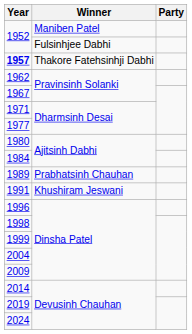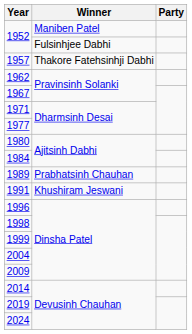 <table class="wikitable sortable">
 <tr>
 <th>Year</th>
 <th>Winner</th>
 <th colspan=2>Party</th>
 </tr>
 <tr>
 <td rowspan=2><a href='#'>1952</a></td>
 <td><a href='#'>Maniben Patel</a></td>
 <td></td>
 </tr>
 <tr>
 <td>Fulsinhjee Dabhi</td>
 </tr>
 <tr>
-<td><strong><a href='#'>1957</a></strong></td>
+<td><a href='#'>1957</a></td>
 <td>Thakore Fatehsinhji Dabhi</td>
 <td></td>
 </tr>
 <tr>
 <td><a href='#'>1962</a></td>
 <td rowspan="2"><a href='#'>Pravinsinh Solanki</a></td>
 <td></td>
 </tr>
 <tr>
 <td><a href='#'>1967</a></td>
 </tr>
 <tr>
 <td><a href='#'>1971</a></td>
 <td rowspan="2"><a href='#'>Dharmsinh Desai</a></td>
 </tr>
 <tr>
 <td><a href='#'>1977</a></td>
 </tr>
 <tr>
 <td><a href='#'>1980</a></td>
 <td rowspan="2"><a href='#'>Ajitsinh Dabhi</a></td>
 <td></td>
 </tr>
 <tr>
 <td><a href='#'>1984</a></td>
 <td></td>
 </tr>
 <tr>
 <td><a href='#'>1989</a></td>
 <td><a href='#'>Prabhatsinh Chauhan</a></td>
 <td></td>
 </tr>
 <tr>
 <td><a href='#'>1991</a></td>
 <td><a href='#'>Khushiram Jeswani</a></td>
 <td></td>
 </tr>
 <tr>
 <td><a href='#'>1996</a></td>
 <td rowspan="5"><a href='#'>Dinsha Patel</a></td>
 <td></td>
 </tr>
 <tr>
 <td><a href='#'>1998</a></td>
 </tr>
 <tr>
 <td><a href='#'>1999</a></td>
 </tr>
 <tr>
 <td><a href='#'>2004</a></td>
 </tr>
 <tr>
 <td><a href='#'>2009</a></td>
 </tr>
 <tr>
 <td><a href='#'>2014</a></td>
 <td rowspan="3"><a href='#'>Devusinh Chauhan</a></td>
 <td></td>
 </tr>
 <tr>
 <td><a href='#'>2019</a></td>
 </tr>
 <tr>
 <td><a href='#'>2024</a></td>
 </tr>
 </table>
